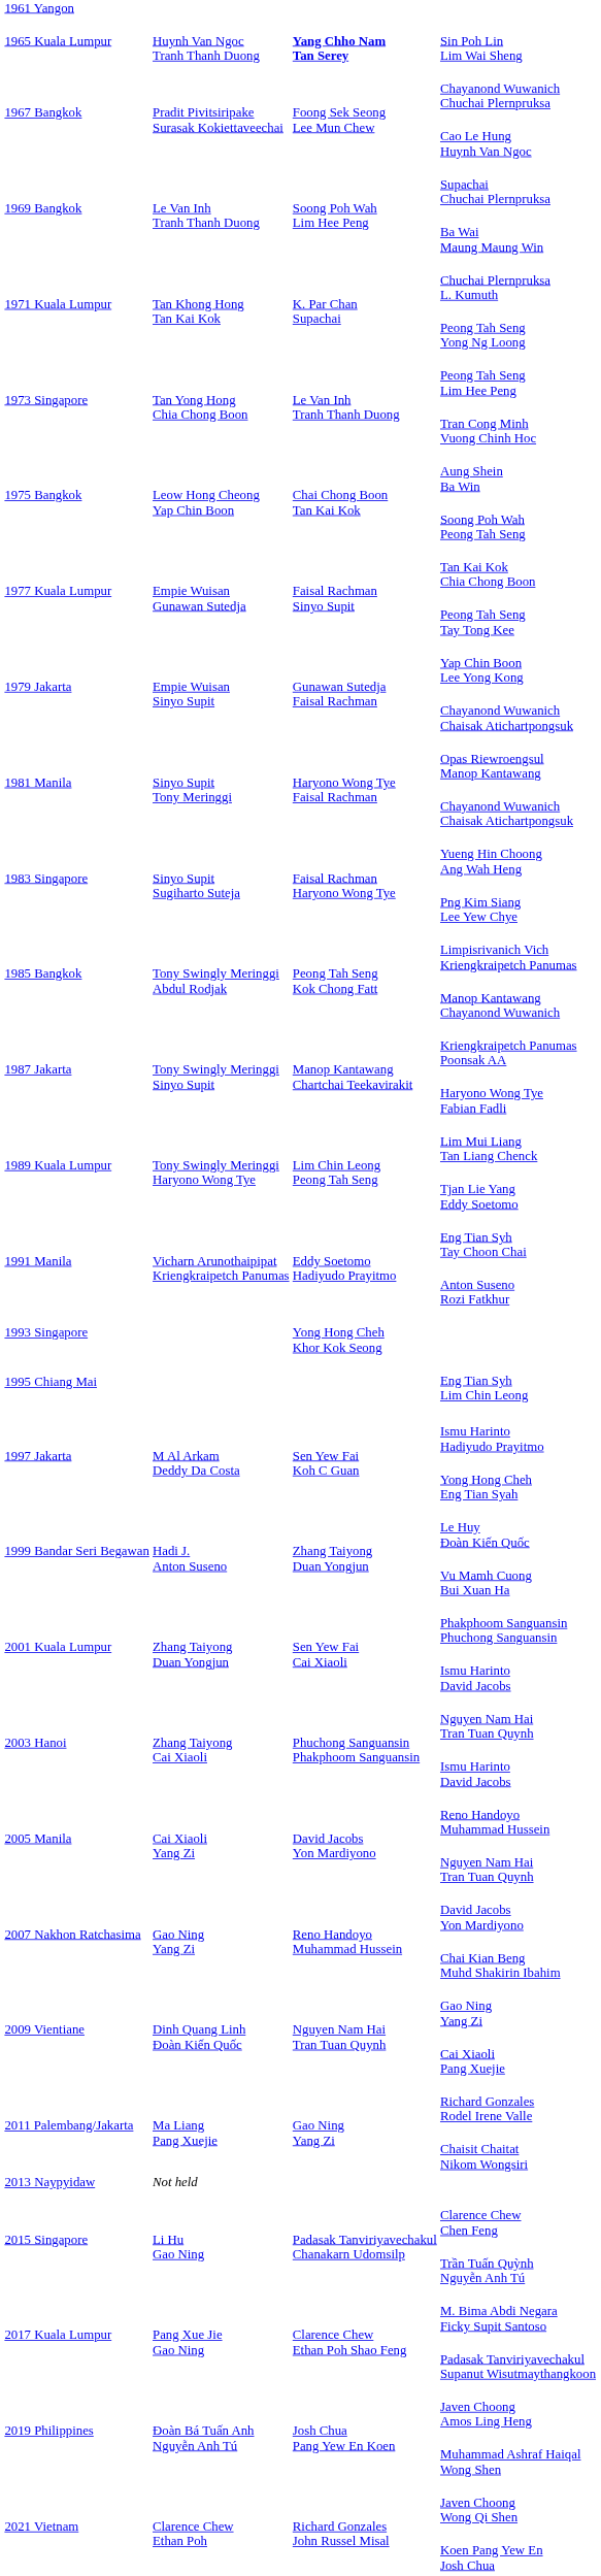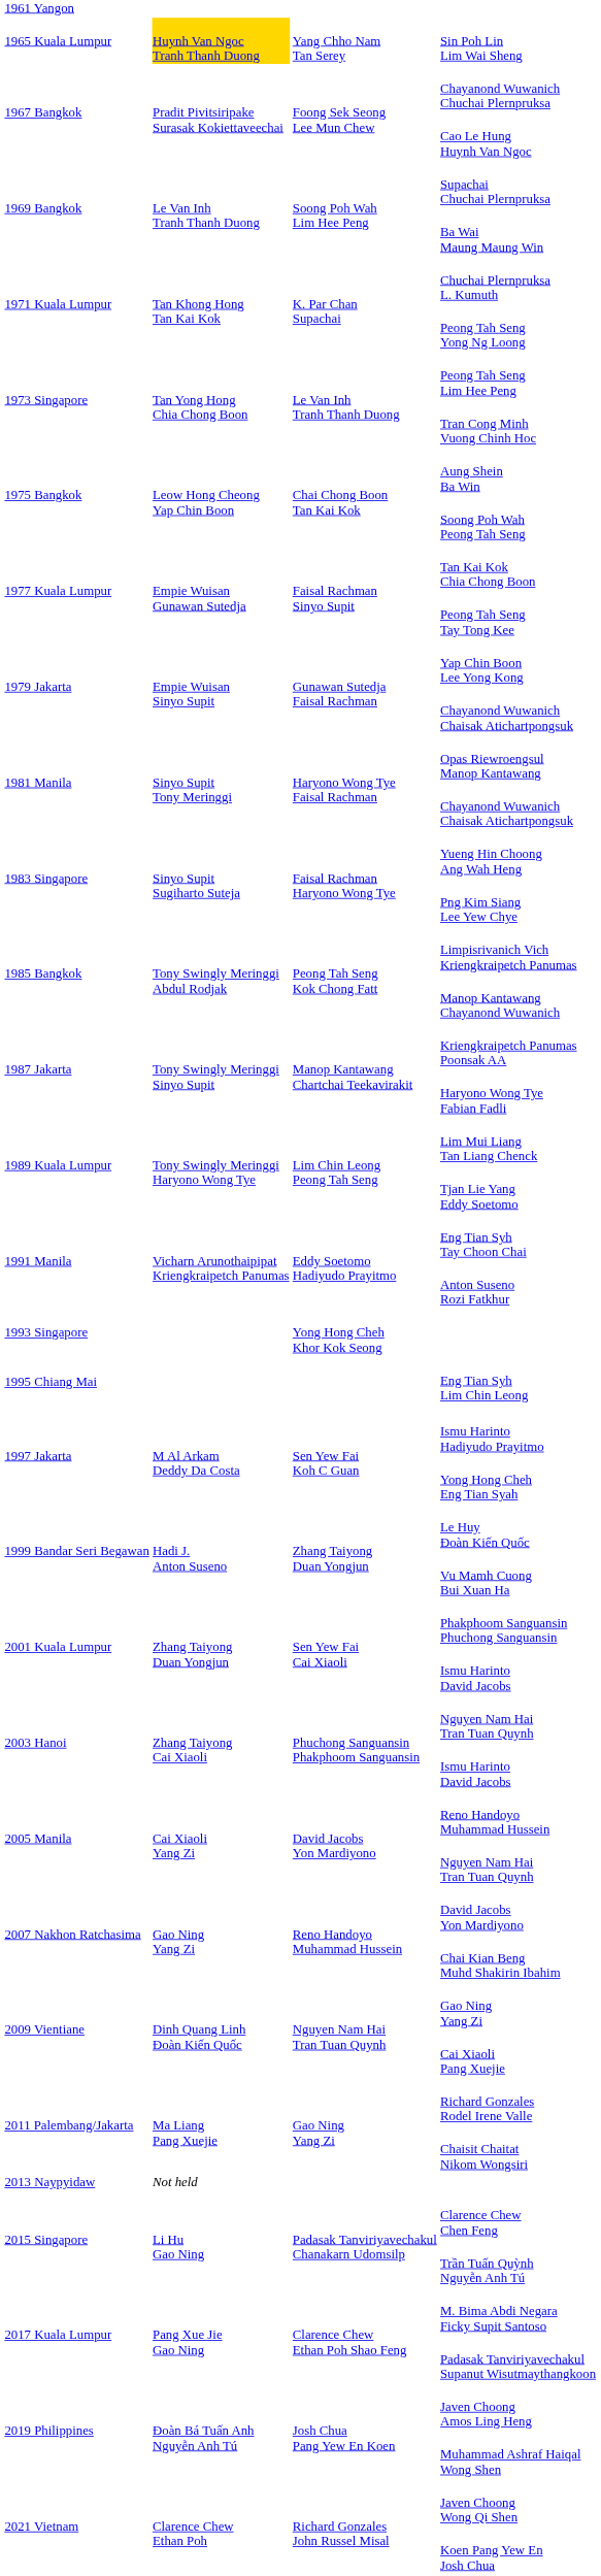 <table>
 <tr>
 <td><a href='#'>1961 Yangon</a><br></td>
 <td></td>
 <td></td>
 <td></td>
 </tr>
 <tr>
 <td><a href='#'>1965 Kuala Lumpur</a><br></td>
-<td><br><a href='#'>Huynh Van Ngoc</a><br><a href='#'>Tranh Thanh Duong</a></td>
-<td><strong><br><a href='#'>Yang Chho Nam</a><br><a href='#'>Tan Serey</a></strong></td>
+<td style="background: gold;"><br><a href='#'>Huynh Van Ngoc</a><br><a href='#'>Tranh Thanh Duong</a></td>
+<td><br><a href='#'>Yang Chho Nam</a><br><a href='#'>Tan Serey</a></td>
 <td><br><a href='#'>Sin Poh Lin</a><br><a href='#'>Lim Wai Sheng</a></td>
 </tr>
 <tr>
 <td rowspan=2><a href='#'>1967 Bangkok</a><br></td>
 <td rowspan=2><br><a href='#'>Pradit Pivitsiripake</a><br><a href='#'>Surasak Kokiettaveechai</a></td>
 <td rowspan=2><br><a href='#'>Foong Sek Seong</a><br><a href='#'>Lee Mun Chew</a></td>
 <td><br><a href='#'>Chayanond Wuwanich</a><br><a href='#'>Chuchai Plernpruksa</a></td>
 </tr>
 <tr>
 <td><br><a href='#'>Cao Le Hung</a><br><a href='#'>Huynh Van Ngoc</a></td>
 </tr>
 <tr>
 <td rowspan=2><a href='#'>1969 Bangkok</a><br></td>
 <td rowspan=2><br><a href='#'>Le Van Inh</a><br><a href='#'>Tranh Thanh Duong</a></td>
 <td rowspan=2><br><a href='#'>Soong Poh Wah</a><br><a href='#'>Lim Hee Peng</a></td>
 <td><br><a href='#'>Supachai</a><br><a href='#'>Chuchai Plernpruksa</a></td>
 </tr>
 <tr>
 <td><br><a href='#'>Ba Wai</a><br><a href='#'>Maung Maung Win</a></td>
 </tr>
 <tr>
 <td rowspan=2><a href='#'>1971 Kuala Lumpur</a><br></td>
 <td rowspan=2><br><a href='#'>Tan Khong Hong</a><br><a href='#'>Tan Kai Kok</a></td>
 <td rowspan=2><br><a href='#'>K. Par Chan</a><br><a href='#'>Supachai</a></td>
 <td><br><a href='#'>Chuchai Plernpruksa</a><br><a href='#'>L. Kumuth</a></td>
 </tr>
 <tr>
 <td><br><a href='#'>Peong Tah Seng</a><br><a href='#'>Yong Ng Loong</a></td>
 </tr>
 <tr>
 <td rowspan=2><a href='#'>1973 Singapore</a><br></td>
 <td rowspan=2><br><a href='#'>Tan Yong Hong</a><br><a href='#'>Chia Chong Boon</a></td>
 <td rowspan=2><br><a href='#'>Le Van Inh</a><br><a href='#'>Tranh Thanh Duong</a></td>
 <td><br><a href='#'>Peong Tah Seng</a><br><a href='#'>Lim Hee Peng</a></td>
 </tr>
 <tr>
 <td><br><a href='#'>Tran Cong Minh</a><br><a href='#'>Vuong Chinh Hoc</a></td>
 </tr>
 <tr>
 <td rowspan=2><a href='#'>1975 Bangkok</a><br></td>
 <td rowspan=2><br><a href='#'>Leow Hong Cheong</a><br><a href='#'>Yap Chin Boon</a></td>
 <td rowspan=2><br><a href='#'>Chai Chong Boon</a><br><a href='#'>Tan Kai Kok</a></td>
 <td><br><a href='#'>Aung Shein</a><br><a href='#'>Ba Win</a></td>
 </tr>
 <tr>
 <td><br><a href='#'>Soong Poh Wah</a><br><a href='#'>Peong Tah Seng</a></td>
 </tr>
 <tr>
 <td rowspan=2><a href='#'>1977 Kuala Lumpur</a><br></td>
 <td rowspan=2><br><a href='#'>Empie Wuisan</a><br><a href='#'>Gunawan Sutedja</a></td>
 <td rowspan=2><br><a href='#'>Faisal Rachman</a><br><a href='#'>Sinyo Supit</a></td>
 <td><br><a href='#'>Tan Kai Kok</a><br><a href='#'>Chia Chong Boon</a></td>
 </tr>
 <tr>
 <td><br><a href='#'>Peong Tah Seng</a><br><a href='#'>Tay Tong Kee</a></td>
 </tr>
 <tr>
 <td rowspan=2><a href='#'>1979 Jakarta</a><br></td>
 <td rowspan=2><br><a href='#'>Empie Wuisan</a><br><a href='#'>Sinyo Supit</a></td>
 <td rowspan=2><br><a href='#'>Gunawan Sutedja</a><br><a href='#'>Faisal Rachman</a></td>
 <td><br><a href='#'>Yap Chin Boon</a><br><a href='#'>Lee Yong Kong</a></td>
 </tr>
 <tr>
 <td><br><a href='#'>Chayanond Wuwanich</a><br><a href='#'>Chaisak Atichartpongsuk</a></td>
 </tr>
 <tr>
 <td rowspan=2><a href='#'>1981 Manila</a><br></td>
 <td rowspan=2><br><a href='#'>Sinyo Supit</a><br><a href='#'>Tony Meringgi</a></td>
 <td rowspan=2><br><a href='#'>Haryono Wong Tye</a><br><a href='#'>Faisal Rachman</a></td>
 <td><br><a href='#'>Opas Riewroengsul</a><br><a href='#'>Manop Kantawang</a></td>
 </tr>
 <tr>
 <td><br><a href='#'>Chayanond Wuwanich</a><br><a href='#'>Chaisak Atichartpongsuk</a></td>
 </tr>
 <tr>
 <td rowspan=2><a href='#'>1983 Singapore</a><br></td>
 <td rowspan=2><br><a href='#'>Sinyo Supit</a><br><a href='#'>Sugiharto Suteja</a></td>
 <td rowspan=2><br><a href='#'>Faisal Rachman</a><br><a href='#'>Haryono Wong Tye</a></td>
 <td><br><a href='#'>Yueng Hin Choong</a><br><a href='#'>Ang Wah Heng</a></td>
 </tr>
 <tr>
 <td><br><a href='#'>Png Kim Siang</a><br><a href='#'>Lee Yew Chye</a></td>
 </tr>
 <tr>
 <td rowspan=2><a href='#'>1985 Bangkok</a><br></td>
 <td rowspan=2><br><a href='#'>Tony Swingly Meringgi</a><br><a href='#'>Abdul Rodjak</a></td>
 <td rowspan=2><br><a href='#'>Peong Tah Seng</a><br><a href='#'>Kok Chong Fatt</a></td>
 <td><br><a href='#'>Limpisrivanich Vich</a><br><a href='#'>Kriengkraipetch Panumas</a></td>
 </tr>
 <tr>
 <td><br><a href='#'>Manop Kantawang</a><br><a href='#'>Chayanond Wuwanich</a></td>
 </tr>
 <tr>
 <td rowspan=2><a href='#'>1987 Jakarta</a><br></td>
 <td rowspan=2><br><a href='#'>Tony Swingly Meringgi</a><br><a href='#'>Sinyo Supit</a></td>
 <td rowspan=2><br><a href='#'>Manop Kantawang</a><br><a href='#'>Chartchai Teekavirakit</a></td>
 <td><br><a href='#'>Kriengkraipetch Panumas</a><br><a href='#'>Poonsak AA</a></td>
 </tr>
 <tr>
 <td><br><a href='#'>Haryono Wong Tye</a><br><a href='#'>Fabian Fadli</a></td>
 </tr>
 <tr>
 <td rowspan=2><a href='#'>1989 Kuala Lumpur</a><br></td>
 <td rowspan=2><br><a href='#'>Tony Swingly Meringgi</a><br><a href='#'>Haryono Wong Tye</a></td>
 <td rowspan=2><br><a href='#'>Lim Chin Leong</a><br><a href='#'>Peong Tah Seng</a></td>
 <td><br><a href='#'>Lim Mui Liang</a><br><a href='#'>Tan Liang Chenck</a></td>
 </tr>
 <tr>
 <td><br><a href='#'>Tjan Lie Yang</a><br><a href='#'>Eddy Soetomo</a></td>
 </tr>
 <tr>
 <td rowspan=2><a href='#'>1991 Manila</a><br></td>
 <td rowspan=2><br><a href='#'>Vicharn Arunothaipipat</a><br><a href='#'>Kriengkraipetch Panumas</a></td>
 <td rowspan=2><br><a href='#'>Eddy Soetomo</a><br><a href='#'>Hadiyudo Prayitmo</a></td>
 <td><br><a href='#'>Eng Tian Syh</a><br><a href='#'>Tay Choon Chai</a></td>
 </tr>
 <tr>
 <td><br><a href='#'>Anton Suseno</a><br><a href='#'>Rozi Fatkhur</a></td>
 </tr>
 <tr>
 <td rowspan=2><a href='#'>1993 Singapore</a><br></td>
 <td rowspan=2></td>
 <td rowspan=2><br><a href='#'>Yong Hong Cheh</a><br><a href='#'>Khor Kok Seong</a></td>
 <td></td>
 </tr>
 <tr>
 <td></td>
 </tr>
 <tr>
 <td rowspan=2><a href='#'>1995 Chiang Mai</a><br></td>
 <td rowspan=2></td>
 <td rowspan=2></td>
 <td><br><a href='#'>Eng Tian Syh</a><br><a href='#'>Lim Chin Leong</a></td>
 </tr>
 <tr>
 <td></td>
 </tr>
 <tr>
 <td rowspan=2><a href='#'>1997 Jakarta</a><br></td>
 <td rowspan=2><br><a href='#'>M Al Arkam</a><br><a href='#'>Deddy Da Costa</a></td>
 <td rowspan=2><br><a href='#'>Sen Yew Fai</a><br><a href='#'>Koh C Guan</a></td>
 <td><br><a href='#'>Ismu Harinto</a><br><a href='#'>Hadiyudo Prayitmo</a></td>
 </tr>
 <tr>
 <td><br><a href='#'>Yong Hong Cheh</a><br><a href='#'>Eng Tian Syah</a></td>
 </tr>
 <tr>
 <td rowspan=2><a href='#'>1999 Bandar Seri Begawan</a><br></td>
 <td rowspan=2><br><a href='#'>Hadi J.</a><br><a href='#'>Anton Suseno</a></td>
 <td rowspan=2><br><a href='#'>Zhang Taiyong</a><br><a href='#'>Duan Yongjun</a></td>
 <td><br><a href='#'>Le Huy</a><br><a href='#'>Đoàn Kiến Quốc</a></td>
 </tr>
 <tr>
 <td><br><a href='#'>Vu Mamh Cuong</a><br><a href='#'>Bui Xuan Ha</a></td>
 </tr>
 <tr>
 <td rowspan=2><a href='#'>2001 Kuala Lumpur</a><br></td>
 <td rowspan=2><br><a href='#'>Zhang Taiyong</a><br><a href='#'>Duan Yongjun</a></td>
 <td rowspan=2><br><a href='#'>Sen Yew Fai</a><br><a href='#'>Cai Xiaoli</a></td>
 <td><br><a href='#'>Phakphoom Sanguansin</a><br><a href='#'>Phuchong Sanguansin</a></td>
 </tr>
 <tr>
 <td><br><a href='#'>Ismu Harinto</a><br><a href='#'>David Jacobs</a></td>
 </tr>
 <tr>
 <td rowspan=2><a href='#'>2003 Hanoi</a><br></td>
 <td rowspan=2><br><a href='#'>Zhang Taiyong</a><br><a href='#'>Cai Xiaoli</a></td>
 <td rowspan=2><br><a href='#'>Phuchong Sanguansin</a><br><a href='#'>Phakphoom Sanguansin</a></td>
 <td><br><a href='#'>Nguyen Nam Hai</a><br><a href='#'>Tran Tuan Quynh</a></td>
 </tr>
 <tr>
 <td><br><a href='#'>Ismu Harinto</a><br><a href='#'>David Jacobs</a></td>
 </tr>
 <tr>
 <td rowspan=2><a href='#'>2005 Manila</a><br></td>
 <td rowspan=2><br><a href='#'>Cai Xiaoli</a><br><a href='#'>Yang Zi</a></td>
 <td rowspan=2><br><a href='#'>David Jacobs</a><br><a href='#'>Yon Mardiyono</a></td>
 <td><br><a href='#'>Reno Handoyo</a><br><a href='#'>Muhammad Hussein</a></td>
 </tr>
 <tr>
 <td><br><a href='#'>Nguyen Nam Hai</a><br><a href='#'>Tran Tuan Quynh</a></td>
 </tr>
 <tr>
 <td rowspan=2><a href='#'>2007 Nakhon Ratchasima</a><br></td>
 <td rowspan=2><br><a href='#'>Gao Ning</a><br><a href='#'>Yang Zi</a></td>
 <td rowspan=2><br><a href='#'>Reno Handoyo</a><br><a href='#'>Muhammad Hussein</a></td>
 <td><br><a href='#'>David Jacobs</a><br><a href='#'>Yon Mardiyono</a></td>
 </tr>
 <tr>
 <td><br><a href='#'>Chai Kian Beng</a><br><a href='#'>Muhd Shakirin Ibahim</a></td>
 </tr>
 <tr>
 <td rowspan=2><a href='#'>2009 Vientiane</a><br></td>
 <td rowspan=2><br><a href='#'>Dinh Quang Linh</a><br><a href='#'>Đoàn Kiến Quốc</a></td>
 <td rowspan=2><br><a href='#'>Nguyen Nam Hai</a><br><a href='#'>Tran Tuan Quynh</a></td>
 <td><br><a href='#'>Gao Ning</a><br><a href='#'>Yang Zi</a></td>
 </tr>
 <tr>
 <td><br><a href='#'>Cai Xiaoli</a><br><a href='#'>Pang Xuejie</a></td>
 </tr>
 <tr>
 <td rowspan=2><a href='#'>2011 Palembang/Jakarta</a><br></td>
 <td rowspan=2><br><a href='#'>Ma Liang</a><br><a href='#'>Pang Xuejie</a></td>
 <td rowspan=2><br><a href='#'>Gao Ning</a><br><a href='#'>Yang Zi</a></td>
 <td><br><a href='#'>Richard Gonzales</a><br><a href='#'>Rodel Irene Valle</a></td>
 </tr>
 <tr>
 <td><br><a href='#'>Chaisit Chaitat</a><br><a href='#'>Nikom Wongsiri</a></td>
 </tr>
 <tr>
 <td><a href='#'>2013 Naypyidaw</a><br></td>
 <td colspan=3><em>Not held</em></td>
 </tr>
 <tr>
 <td rowspan=2><a href='#'>2015 Singapore</a><br></td>
 <td rowspan=2><br><a href='#'>Li Hu</a><br><a href='#'>Gao Ning</a></td>
 <td rowspan=2><br><a href='#'>Padasak Tanviriyavechakul</a><br><a href='#'>Chanakarn Udomsilp</a></td>
 <td><br><a href='#'>Clarence Chew</a><br><a href='#'>Chen Feng</a></td>
 </tr>
 <tr>
 <td><br><a href='#'>Trần Tuấn Quỳnh</a><br><a href='#'>Nguyễn Anh Tú</a></td>
 </tr>
 <tr>
 <td rowspan=2><a href='#'>2017 Kuala Lumpur</a><br></td>
 <td rowspan=2><br><a href='#'>Pang Xue Jie</a><br><a href='#'>Gao Ning</a></td>
 <td rowspan=2><br><a href='#'>Clarence Chew</a><br><a href='#'>Ethan Poh Shao Feng</a></td>
 <td><br><a href='#'>M. Bima Abdi Negara</a><br><a href='#'>Ficky Supit Santoso</a></td>
 </tr>
 <tr>
 <td><br><a href='#'>Padasak Tanviriyavechakul</a><br><a href='#'>Supanut Wisutmaythangkoon</a></td>
 </tr>
 <tr>
 <td rowspan=2><a href='#'>2019 Philippines</a><br></td>
 <td rowspan=2><br><a href='#'>Đoàn Bá Tuấn Anh</a><br><a href='#'>Nguyễn Anh Tú</a></td>
 <td rowspan=2><br><a href='#'>Josh Chua</a><br><a href='#'>Pang Yew En Koen</a></td>
 <td><br><a href='#'>Javen Choong</a><br><a href='#'>Amos Ling Heng</a></td>
 </tr>
 <tr>
 <td><br><a href='#'>Muhammad Ashraf Haiqal</a><br><a href='#'>Wong Shen</a></td>
 </tr>
 <tr>
 <td rowspan=2><a href='#'>2021 Vietnam</a><br></td>
 <td rowspan=2><br><a href='#'>Clarence Chew</a><br><a href='#'>Ethan Poh</a></td>
 <td rowspan=2><br><a href='#'>Richard Gonzales</a><br><a href='#'>John Russel Misal</a></td>
 <td><br><a href='#'>Javen Choong</a><br><a href='#'>Wong Qi Shen</a></td>
 </tr>
 <tr>
 <td><br><a href='#'>Koen Pang Yew En</a><br><a href='#'>Josh Chua</a></td>
 </tr>
 </table>
